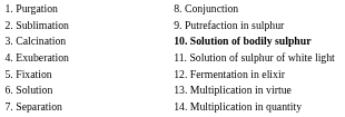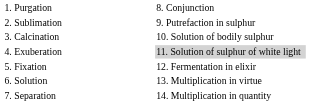 <table cellpadding="2" style="width: 500px; border: 0px;">
 <tr>
 <td width="250px">1. Purgation</td>
 <td width="250px">8. Conjunction</td>
 </tr>
 <tr>
 <td>2. Sublimation</td>
 <td>9. Putrefaction in sulphur</td>
 </tr>
 <tr>
 <td>3. Calcination</td>
-<td><strong>10. Solution of bodily sulphur</strong></td>
+<td>10. Solution of bodily sulphur</td>
 </tr>
 <tr>
 <td>4. Exuberation</td>
-<td>11. Solution of sulphur of white light</td>
+<td style="background: lightgrey;">11. Solution of sulphur of white light</td>
 </tr>
 <tr>
 <td>5. Fixation</td>
 <td>12. Fermentation in elixir</td>
 </tr>
 <tr>
 <td>6. Solution</td>
 <td>13. Multiplication in virtue</td>
 </tr>
 <tr>
 <td>7. Separation</td>
 <td>14. Multiplication in quantity</td>
 </tr>
 </table>
